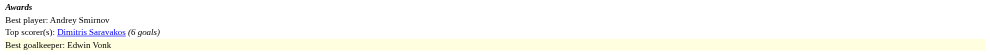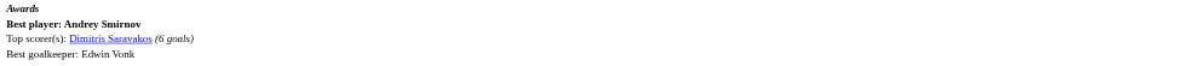 <table width=100% cellspacing=1 style="font-size: 90%;">
 <tr>
 <td><strong><em>Awards</em></strong></td>
 </tr>
 <tr>
-<td>Best player:  Andrey Smirnov</td>
+<td><strong>Best player:  Andrey Smirnov</strong></td>
 </tr>
 <tr>
 <td colspan=4>Top scorer(s):  <a href='#'>Dimitris Saravakos</a> <em>(6 goals)</em></td>
 </tr>
 <tr>
-<td style="background: lightyellow;">Best goalkeeper:  Edwin Vonk</td>
+<td>Best goalkeeper:  Edwin Vonk</td>
 </tr>
 </table>
